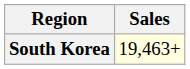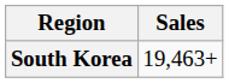 <table class="wikitable sortable plainrowheaders" style="text-align:center">
 <tr>
 <th>Region</th>
 <th>Sales</th>
 </tr>
 <tr>
 <th scope="row">South Korea</th>
-<td style="background: lightyellow;">19,463+</td>
+<td>19,463+</td>
 </tr>
 </table>
